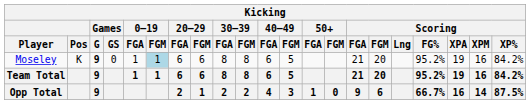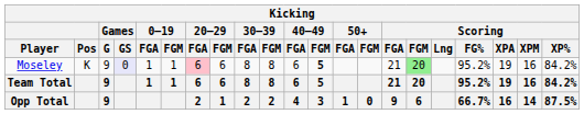 <table class="wikitable" style="text-align:center">
 <tr>
 <th colspan="21">Kicking</th>
 </tr>
 <tr>
 <th colspan="2"></th>
 <th colspan="2">Games</th>
 <th colspan="2">0–19</th>
 <th colspan="2">20–29</th>
 <th colspan="2">30–39</th>
 <th colspan="2">40–49</th>
 <th colspan="2">50+</th>
 <th colspan="7">Scoring</th>
 </tr>
 <tr>
 <th>Player</th>
 <th>Pos</th>
 <th>G</th>
 <th>GS</th>
 <th>FGA</th>
 <th>FGM</th>
 <th>FGA</th>
 <th>FGM</th>
 <th>FGA</th>
 <th>FGM</th>
 <th>FGA</th>
 <th>FGM</th>
 <th>FGA</th>
 <th>FGM</th>
 <th>FGA</th>
 <th>FGM</th>
 <th>Lng</th>
 <th>FG%</th>
 <th>XPA</th>
 <th>XPM</th>
 <th>XP%</th>
 </tr>
 <tr>
 <td><a href='#'>Moseley</a></td>
 <td>K</td>
-<td><strong>9</strong></td>
-<td>0</td>
+<td>9</td>
+<td style="background: lavender;">0</td>
 <td>1</td>
-<td style="background: lightblue;">1</td>
-<td>6</td>
+<td>1</td>
+<td style="background: pink;">6</td>
 <td>6</td>
 <td>8</td>
 <td>8</td>
 <td>6</td>
-<td>5</td>
+<td><strong>5</strong></td>
 <td></td>
 <td></td>
 <td>21</td>
-<td>20</td>
+<td style="background: lightgreen;">20</td>
 <td></td>
 <td>95.2%</td>
 <td>19</td>
 <td>16</td>
 <td>84.2%</td>
 </tr>
 <tr>
 <th>Team Total</th>
 <th></th>
 <th>9</th>
 <th></th>
 <th>1</th>
 <th>1</th>
 <th>6</th>
 <th>6</th>
 <th>8</th>
 <th>8</th>
 <th>6</th>
 <th>5</th>
 <th></th>
 <th></th>
 <th>21</th>
 <th>20</th>
 <th></th>
 <th>95.2%</th>
 <th>19</th>
 <th>16</th>
 <th>84.2%</th>
 </tr>
 <tr>
 <th>Opp Total</th>
 <th></th>
 <th>9</th>
 <th></th>
 <th></th>
 <th></th>
 <th>2</th>
 <th>1</th>
 <th>2</th>
 <th>2</th>
 <th>4</th>
 <th>3</th>
 <th>1</th>
 <th>0</th>
 <th>9</th>
 <th>6</th>
 <th></th>
 <th>66.7%</th>
 <th>16</th>
 <th>14</th>
 <th>87.5%</th>
 </tr>
 </table>
